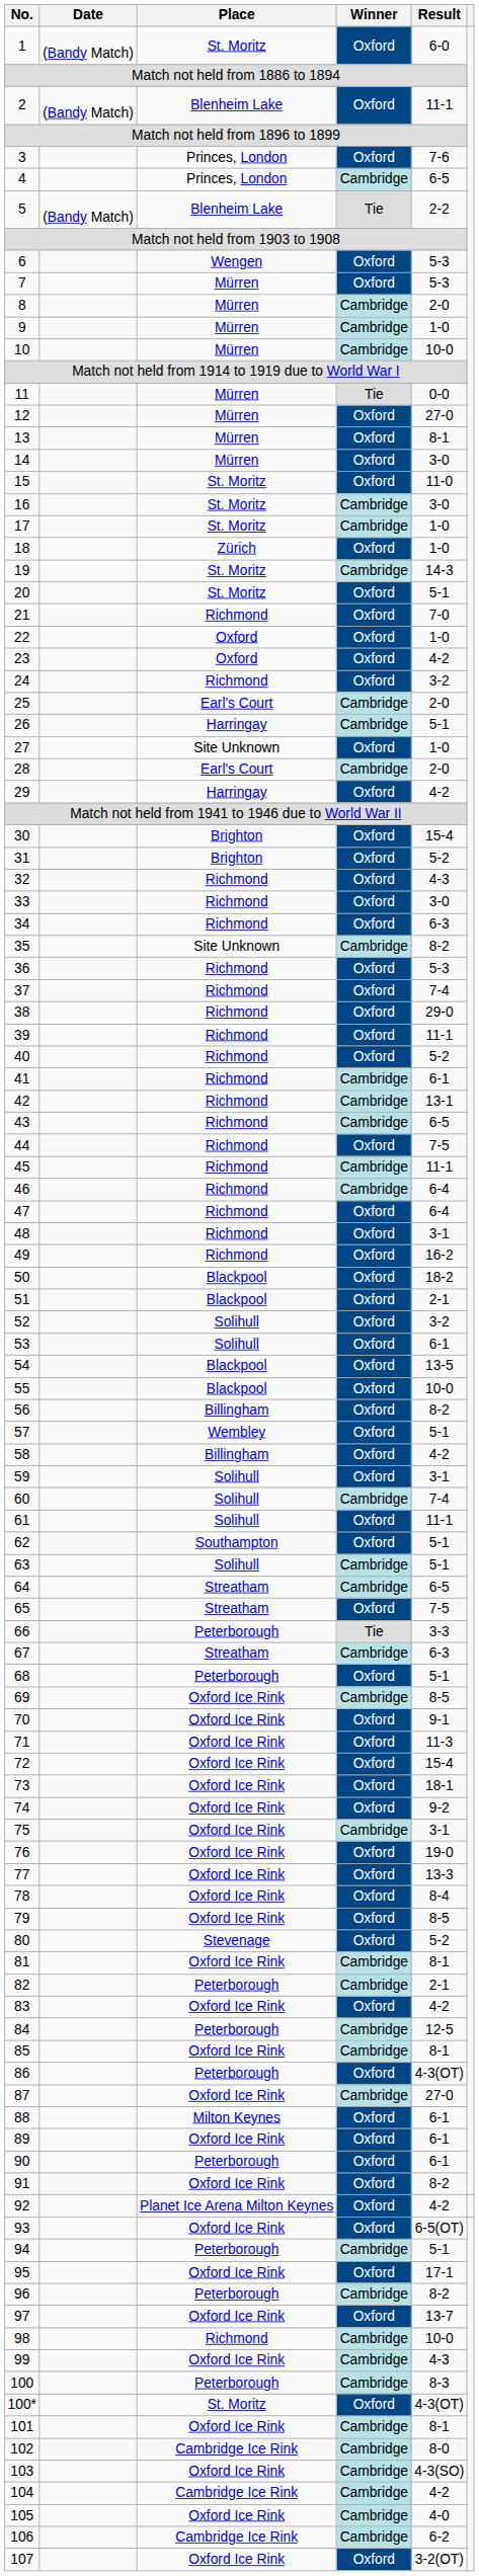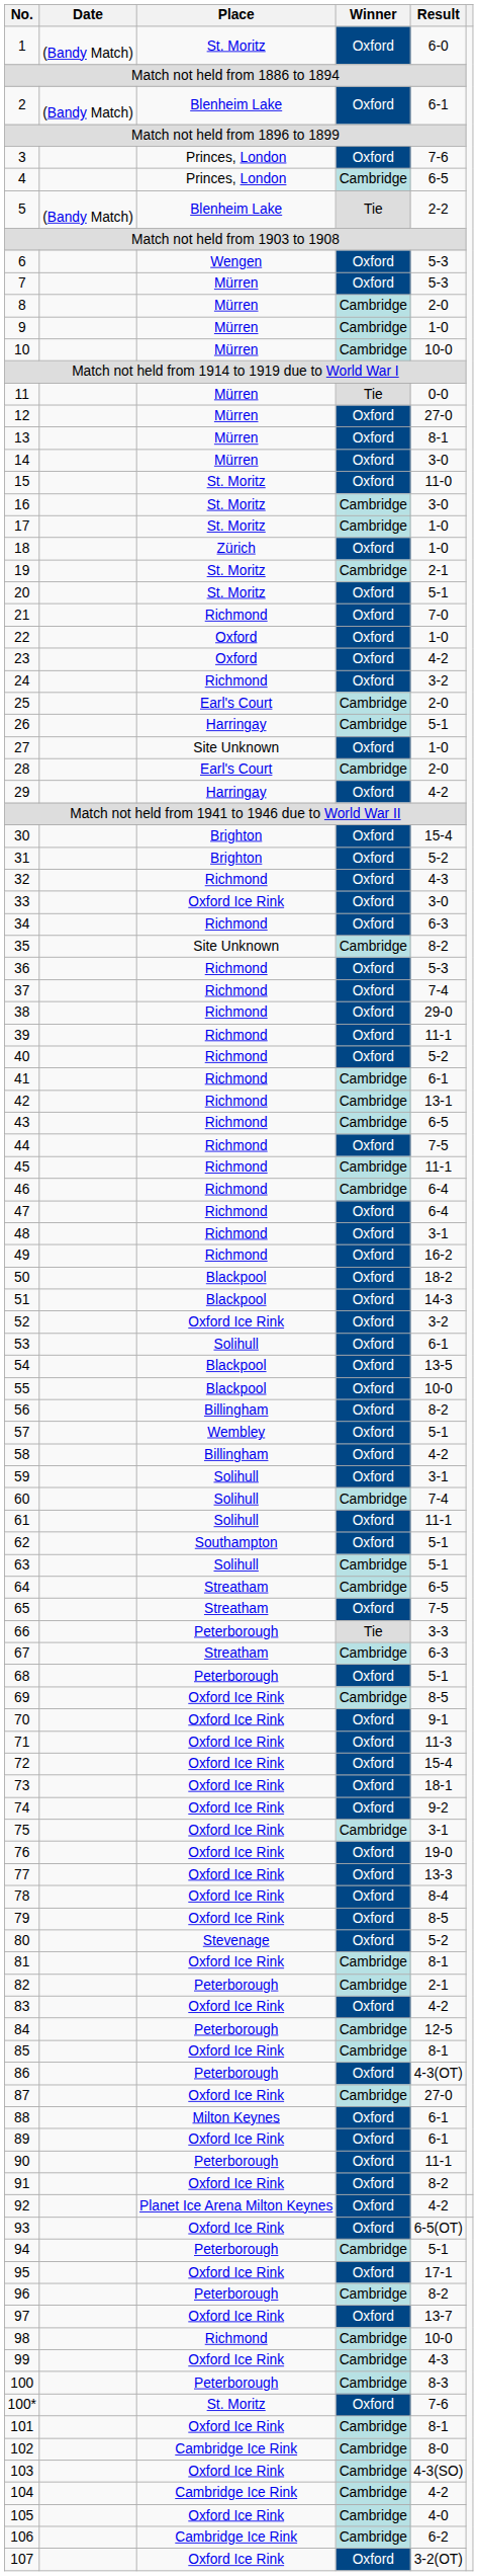 <table class="wikitable sortable" style="text-align:center">
 <tr>
 <th>No.</th>
 <th>Date</th>
 <th>Place</th>
 <th>Winner</th>
 <th>Result</th>
 <th></th>
 </tr>
 <tr>
 <td>1</td>
 <td><br>(<a href='#'>Bandy</a> Match)</td>
 <td><a href='#'>St. Moritz</a></td>
 <td style="background:#004685; color:#FFFFFF">Oxford</td>
 <td>6-0</td>
 <td rowspan="96"></td>
 </tr>
 <tr bgcolor="#dddddd">
 <td data-sort-value="1,5"colspan="5">Match not held from 1886 to 1894</td>
 </tr>
 <tr>
 <td>2</td>
 <td><br>(<a href='#'>Bandy</a> Match)</td>
 <td><a href='#'>Blenheim Lake</a></td>
 <td style="background:#004685; color:#FFFFFF">Oxford</td>
-<td>11-1</td>
+<td>6-1</td>
 </tr>
 <tr bgcolor="#dddddd">
 <td data-sort-value="2.5"colspan="5">Match not held from 1896 to 1899</td>
 </tr>
 <tr>
 <td>3</td>
 <td></td>
 <td>Princes, <a href='#'>London</a></td>
 <td style="background:#004685; color:#FFFFFF">Oxford</td>
 <td>7-6</td>
 </tr>
 <tr>
 <td>4</td>
 <td></td>
 <td>Princes, <a href='#'>London</a></td>
 <td style="background:#B7E1E4; color:#000;">Cambridge</td>
 <td>6-5</td>
 </tr>
 <tr>
 <td>5</td>
 <td><br>(<a href='#'>Bandy</a> Match)</td>
 <td><a href='#'>Blenheim Lake</a></td>
 <td style="background:#dddddd;">Tie</td>
 <td>2-2</td>
 </tr>
 <tr bgcolor="#dddddd">
 <td data-sort-value="5,5"colspan="5">Match not held from 1903 to 1908</td>
 </tr>
 <tr>
 <td>6</td>
 <td></td>
 <td><a href='#'>Wengen</a></td>
 <td style="background:#004685; color:#FFFFFF">Oxford</td>
 <td>5-3</td>
 </tr>
 <tr>
 <td>7</td>
 <td></td>
 <td><a href='#'>Mürren</a></td>
 <td style="background:#004685; color:#FFFFFF">Oxford</td>
 <td>5-3</td>
 </tr>
 <tr>
 <td>8</td>
 <td></td>
 <td><a href='#'>Mürren</a></td>
 <td style="background:#B7E1E4; color:#000;">Cambridge</td>
 <td>2-0</td>
 </tr>
 <tr>
 <td>9</td>
 <td></td>
 <td><a href='#'>Mürren</a></td>
 <td style="background:#B7E1E4; color:#000;">Cambridge</td>
 <td>1-0</td>
 </tr>
 <tr>
 <td>10</td>
 <td></td>
 <td><a href='#'>Mürren</a></td>
 <td style="background:#B7E1E4; color:#000;">Cambridge</td>
 <td>10-0</td>
 </tr>
 <tr bgcolor="#dddddd">
 <td data-sort-value="10,5"colspan="5">Match not held from 1914 to 1919 due to <a href='#'>World War I</a></td>
 </tr>
 <tr>
 <td>11</td>
 <td></td>
 <td><a href='#'>Mürren</a></td>
 <td style="background:#dddddd;">Tie</td>
 <td>0-0</td>
 </tr>
 <tr>
 <td>12</td>
 <td></td>
 <td><a href='#'>Mürren</a></td>
 <td style="background:#004685; color:#FFFFFF">Oxford</td>
 <td>27-0</td>
 </tr>
 <tr>
 <td>13</td>
 <td></td>
 <td><a href='#'>Mürren</a></td>
 <td style="background:#004685; color:#FFFFFF">Oxford</td>
 <td>8-1</td>
 </tr>
 <tr>
 <td>14</td>
 <td></td>
 <td><a href='#'>Mürren</a></td>
 <td style="background:#004685; color:#FFFFFF">Oxford</td>
 <td>3-0</td>
 </tr>
 <tr>
 <td>15</td>
 <td></td>
 <td><a href='#'>St. Moritz</a></td>
 <td style="background:#004685; color:#FFFFFF">Oxford</td>
 <td>11-0</td>
 </tr>
 <tr>
 <td>16</td>
 <td></td>
 <td><a href='#'>St. Moritz</a></td>
 <td style="background:#B7E1E4; color:#000;">Cambridge</td>
 <td>3-0</td>
 </tr>
 <tr>
 <td>17</td>
 <td></td>
 <td><a href='#'>St. Moritz</a></td>
 <td style="background:#B7E1E4; color:#000;">Cambridge</td>
 <td>1-0</td>
 </tr>
 <tr>
 <td>18</td>
 <td></td>
 <td><a href='#'>Zürich</a></td>
 <td style="background:#004685; color:#FFFFFF">Oxford</td>
 <td>1-0</td>
 </tr>
 <tr>
 <td>19</td>
 <td></td>
 <td><a href='#'>St. Moritz</a></td>
 <td style="background:#B7E1E4; color:#000;">Cambridge</td>
-<td>14-3</td>
+<td>2-1</td>
 </tr>
 <tr>
 <td>20</td>
 <td></td>
 <td><a href='#'>St. Moritz</a></td>
 <td style="background:#004685; color:#FFFFFF">Oxford</td>
 <td>5-1</td>
 </tr>
 <tr>
 <td>21</td>
 <td></td>
 <td><a href='#'>Richmond</a></td>
 <td style="background:#004685; color:#FFFFFF">Oxford</td>
 <td>7-0</td>
 </tr>
 <tr>
 <td>22</td>
 <td></td>
 <td><a href='#'>Oxford</a></td>
 <td style="background:#004685; color:#FFFFFF">Oxford</td>
 <td>1-0</td>
 </tr>
 <tr>
 <td>23</td>
 <td></td>
 <td><a href='#'>Oxford</a></td>
 <td style="background:#004685; color:#FFFFFF">Oxford</td>
 <td>4-2</td>
 </tr>
 <tr>
 <td>24</td>
 <td></td>
 <td><a href='#'>Richmond</a></td>
 <td style="background:#004685; color:#FFFFFF">Oxford</td>
 <td>3-2</td>
 </tr>
 <tr>
 <td>25</td>
 <td></td>
 <td><a href='#'>Earl's Court</a></td>
 <td style="background:#B7E1E4; color:#000;">Cambridge</td>
 <td>2-0</td>
 </tr>
 <tr>
 <td>26</td>
 <td></td>
 <td><a href='#'>Harringay</a></td>
 <td style="background:#B7E1E4; color:#000;">Cambridge</td>
 <td>5-1</td>
 </tr>
 <tr>
 <td>27</td>
 <td></td>
 <td>Site Unknown</td>
 <td style="background:#004685; color:#FFFFFF">Oxford</td>
 <td>1-0</td>
 </tr>
 <tr>
 <td>28</td>
 <td></td>
 <td><a href='#'>Earl's Court</a></td>
 <td style="background:#B7E1E4; color:#000;">Cambridge</td>
 <td>2-0</td>
 </tr>
 <tr>
 <td>29</td>
 <td></td>
 <td><a href='#'>Harringay</a></td>
 <td style="background:#004685; color:#FFFFFF">Oxford</td>
 <td>4-2</td>
 </tr>
 <tr bgcolor="#dddddd">
 <td data-sort-value="29,5"colspan="5">Match not held from 1941 to 1946 due to <a href='#'>World War II</a></td>
 </tr>
 <tr>
 <td>30</td>
 <td></td>
 <td><a href='#'>Brighton</a></td>
 <td style="background:#004685; color:#FFFFFF">Oxford</td>
 <td>15-4</td>
 </tr>
 <tr>
 <td>31</td>
 <td></td>
 <td><a href='#'>Brighton</a></td>
 <td style="background:#004685; color:#FFFFFF">Oxford</td>
 <td>5-2</td>
 </tr>
 <tr>
 <td>32</td>
 <td></td>
 <td><a href='#'>Richmond</a></td>
 <td style="background:#004685; color:#FFFFFF">Oxford</td>
 <td>4-3</td>
 </tr>
 <tr>
 <td>33</td>
 <td></td>
-<td><a href='#'>Richmond</a></td>
+<td><a href='#'>Oxford Ice Rink</a></td>
 <td style="background:#004685; color:#FFFFFF">Oxford</td>
 <td>3-0</td>
 </tr>
 <tr>
 <td>34</td>
 <td></td>
 <td><a href='#'>Richmond</a></td>
 <td style="background:#004685; color:#FFFFFF">Oxford</td>
 <td>6-3</td>
 </tr>
 <tr>
 <td>35</td>
 <td></td>
 <td>Site Unknown</td>
 <td style="background:#B7E1E4; color:#000;">Cambridge</td>
 <td>8-2</td>
 </tr>
 <tr>
 <td>36</td>
 <td></td>
 <td><a href='#'>Richmond</a></td>
 <td style="background:#004685; color:#FFFFFF">Oxford</td>
 <td>5-3</td>
 </tr>
 <tr>
 <td>37</td>
 <td></td>
 <td><a href='#'>Richmond</a></td>
 <td style="background:#004685; color:#FFFFFF">Oxford</td>
 <td>7-4</td>
 </tr>
 <tr>
 <td>38</td>
 <td></td>
 <td><a href='#'>Richmond</a></td>
 <td style="background:#004685; color:#FFFFFF">Oxford</td>
 <td>29-0</td>
 </tr>
 <tr>
 <td>39</td>
 <td></td>
 <td><a href='#'>Richmond</a></td>
 <td style="background:#004685; color:#FFFFFF">Oxford</td>
 <td>11-1</td>
 </tr>
 <tr>
 <td>40</td>
 <td></td>
 <td><a href='#'>Richmond</a></td>
 <td style="background:#004685; color:#FFFFFF">Oxford</td>
 <td>5-2</td>
 </tr>
 <tr>
 <td>41</td>
 <td></td>
 <td><a href='#'>Richmond</a></td>
 <td style="background:#B7E1E4; color:#000;">Cambridge</td>
 <td>6-1</td>
 </tr>
 <tr>
 <td>42</td>
 <td></td>
 <td><a href='#'>Richmond</a></td>
 <td style="background:#B7E1E4; color:#000;">Cambridge</td>
 <td>13-1</td>
 </tr>
 <tr>
 <td>43</td>
 <td></td>
 <td><a href='#'>Richmond</a></td>
 <td style="background:#B7E1E4; color:#000;">Cambridge</td>
 <td>6-5</td>
 </tr>
 <tr>
 <td>44</td>
 <td></td>
 <td><a href='#'>Richmond</a></td>
 <td style="background:#004685; color:#FFFFFF">Oxford</td>
 <td>7-5</td>
 </tr>
 <tr>
 <td>45</td>
 <td></td>
 <td><a href='#'>Richmond</a></td>
 <td style="background:#B7E1E4; color:#000;">Cambridge</td>
 <td>11-1</td>
 </tr>
 <tr>
 <td>46</td>
 <td></td>
 <td><a href='#'>Richmond</a></td>
 <td style="background:#B7E1E4; color:#000;">Cambridge</td>
 <td>6-4</td>
 </tr>
 <tr>
 <td>47</td>
 <td></td>
 <td><a href='#'>Richmond</a></td>
 <td style="background:#004685; color:#FFFFFF">Oxford</td>
 <td>6-4</td>
 </tr>
 <tr>
 <td>48</td>
 <td></td>
 <td><a href='#'>Richmond</a></td>
 <td style="background:#004685; color:#FFFFFF">Oxford</td>
 <td>3-1</td>
 </tr>
 <tr>
 <td>49</td>
 <td></td>
 <td><a href='#'>Richmond</a></td>
 <td style="background:#004685; color:#FFFFFF">Oxford</td>
 <td>16-2</td>
 </tr>
 <tr>
 <td>50</td>
 <td></td>
 <td><a href='#'>Blackpool</a></td>
 <td style="background:#004685; color:#FFFFFF">Oxford</td>
 <td>18-2</td>
 </tr>
 <tr>
 <td>51</td>
 <td></td>
 <td><a href='#'>Blackpool</a></td>
 <td style="background:#004685; color:#FFFFFF">Oxford</td>
-<td>2-1</td>
+<td>14-3</td>
 </tr>
 <tr>
 <td>52</td>
 <td></td>
-<td><a href='#'>Solihull</a></td>
+<td><a href='#'>Oxford Ice Rink</a></td>
 <td style="background:#004685; color:#FFFFFF">Oxford</td>
 <td>3-2</td>
 </tr>
 <tr>
 <td>53</td>
 <td></td>
 <td><a href='#'>Solihull</a></td>
 <td style="background:#004685; color:#FFFFFF">Oxford</td>
 <td>6-1</td>
 </tr>
 <tr>
 <td>54</td>
 <td></td>
 <td><a href='#'>Blackpool</a></td>
 <td style="background:#004685; color:#FFFFFF">Oxford</td>
 <td>13-5</td>
 </tr>
 <tr>
 <td>55</td>
 <td></td>
 <td><a href='#'>Blackpool</a></td>
 <td style="background:#004685; color:#FFFFFF">Oxford</td>
 <td>10-0</td>
 </tr>
 <tr>
 <td>56</td>
 <td></td>
 <td><a href='#'>Billingham</a></td>
 <td style="background:#004685; color:#FFFFFF">Oxford</td>
 <td>8-2</td>
 </tr>
 <tr>
 <td>57</td>
 <td></td>
 <td><a href='#'>Wembley</a></td>
 <td style="background:#004685; color:#FFFFFF">Oxford</td>
 <td>5-1</td>
 </tr>
 <tr>
 <td>58</td>
 <td></td>
 <td><a href='#'>Billingham</a></td>
 <td style="background:#004685; color:#FFFFFF">Oxford</td>
 <td>4-2</td>
 </tr>
 <tr>
 <td>59</td>
 <td></td>
 <td><a href='#'>Solihull</a></td>
 <td style="background:#004685; color:#FFFFFF">Oxford</td>
 <td>3-1</td>
 </tr>
 <tr>
 <td>60</td>
 <td></td>
 <td><a href='#'>Solihull</a></td>
 <td style="background:#B7E1E4; color:#000;">Cambridge</td>
 <td>7-4</td>
 </tr>
 <tr>
 <td>61</td>
 <td></td>
 <td><a href='#'>Solihull</a></td>
 <td style="background:#004685; color:#FFFFFF">Oxford</td>
 <td>11-1</td>
 </tr>
 <tr>
 <td>62</td>
 <td></td>
 <td><a href='#'>Southampton</a></td>
 <td style="background:#004685; color:#FFFFFF">Oxford</td>
 <td>5-1</td>
 </tr>
 <tr>
 <td>63</td>
 <td></td>
 <td><a href='#'>Solihull</a></td>
 <td style="background:#B7E1E4; color:#000;">Cambridge</td>
 <td>5-1</td>
 </tr>
 <tr>
 <td>64</td>
 <td></td>
 <td><a href='#'>Streatham</a></td>
 <td style="background:#B7E1E4; color:#000;">Cambridge</td>
 <td>6-5</td>
 </tr>
 <tr>
 <td>65</td>
 <td></td>
 <td><a href='#'>Streatham</a></td>
 <td style="background:#004685; color:#FFFFFF">Oxford</td>
 <td>7-5</td>
 </tr>
 <tr>
 <td>66</td>
 <td></td>
 <td><a href='#'>Peterborough</a></td>
 <td style="background:#dddddd;">Tie</td>
 <td>3-3</td>
 </tr>
 <tr>
 <td>67</td>
 <td></td>
 <td><a href='#'>Streatham</a></td>
 <td style="background:#B7E1E4; color:#000;">Cambridge</td>
 <td>6-3</td>
 </tr>
 <tr>
 <td>68</td>
 <td></td>
 <td><a href='#'>Peterborough</a></td>
 <td style="background:#004685; color:#FFFFFF">Oxford</td>
 <td>5-1</td>
 </tr>
 <tr>
 <td>69</td>
 <td></td>
 <td><a href='#'>Oxford Ice Rink</a></td>
 <td style="background:#B7E1E4; color:#000;">Cambridge</td>
 <td>8-5</td>
 </tr>
 <tr>
 <td>70</td>
 <td></td>
 <td><a href='#'>Oxford Ice Rink</a></td>
 <td style="background:#004685; color:#FFFFFF">Oxford</td>
 <td>9-1</td>
 </tr>
 <tr>
 <td>71</td>
 <td></td>
 <td><a href='#'>Oxford Ice Rink</a></td>
 <td style="background:#004685; color:#FFFFFF">Oxford</td>
 <td>11-3</td>
 </tr>
 <tr>
 <td>72</td>
 <td></td>
 <td><a href='#'>Oxford Ice Rink</a></td>
 <td style="background:#004685; color:#FFFFFF">Oxford</td>
 <td>15-4</td>
 </tr>
 <tr>
 <td>73</td>
 <td></td>
 <td><a href='#'>Oxford Ice Rink</a></td>
 <td style="background:#004685; color:#FFFFFF">Oxford</td>
 <td>18-1</td>
 </tr>
 <tr>
 <td>74</td>
 <td></td>
 <td><a href='#'>Oxford Ice Rink</a></td>
 <td style="background:#004685; color:#FFFFFF">Oxford</td>
 <td>9-2</td>
 </tr>
 <tr>
 <td>75</td>
 <td></td>
 <td><a href='#'>Oxford Ice Rink</a></td>
 <td style="background:#B7E1E4; color:#000;">Cambridge</td>
 <td>3-1</td>
 </tr>
 <tr>
 <td>76</td>
 <td></td>
 <td><a href='#'>Oxford Ice Rink</a></td>
 <td style="background:#004685; color:#FFFFFF">Oxford</td>
 <td>19-0</td>
 </tr>
 <tr>
 <td>77</td>
 <td></td>
 <td><a href='#'>Oxford Ice Rink</a></td>
 <td style="background:#004685; color:#FFFFFF">Oxford</td>
 <td>13-3</td>
 </tr>
 <tr>
 <td>78</td>
 <td></td>
 <td><a href='#'>Oxford Ice Rink</a></td>
 <td style="background:#004685; color:#FFFFFF">Oxford</td>
 <td>8-4</td>
 </tr>
 <tr>
 <td>79</td>
 <td></td>
 <td><a href='#'>Oxford Ice Rink</a></td>
 <td style="background:#004685; color:#FFFFFF">Oxford</td>
 <td>8-5</td>
 </tr>
 <tr>
 <td>80</td>
 <td></td>
 <td><a href='#'>Stevenage</a></td>
 <td style="background:#004685; color:#FFFFFF">Oxford</td>
 <td>5-2</td>
 </tr>
 <tr>
 <td>81</td>
 <td></td>
 <td><a href='#'>Oxford Ice Rink</a></td>
 <td style="background:#B7E1E4; color:#000;">Cambridge</td>
 <td>8-1</td>
 </tr>
 <tr>
 <td>82</td>
 <td></td>
 <td><a href='#'>Peterborough</a></td>
 <td style="background:#B7E1E4; color:#000;">Cambridge</td>
 <td>2-1</td>
 </tr>
 <tr>
 <td>83</td>
 <td></td>
 <td><a href='#'>Oxford Ice Rink</a></td>
 <td style="background:#004685; color:#FFFFFF">Oxford</td>
 <td>4-2</td>
 </tr>
 <tr>
 <td>84</td>
 <td></td>
 <td><a href='#'>Peterborough</a></td>
 <td style="background:#B7E1E4; color:#000;">Cambridge</td>
 <td>12-5</td>
 </tr>
 <tr>
 <td>85</td>
 <td></td>
 <td><a href='#'>Oxford Ice Rink</a></td>
 <td style="background:#B7E1E4; color:#000;">Cambridge</td>
 <td>8-1</td>
 </tr>
 <tr>
 <td>86</td>
 <td></td>
 <td><a href='#'>Peterborough</a></td>
 <td style="background:#004685; color:#FFFFFF">Oxford</td>
 <td>4-3(OT)</td>
 </tr>
 <tr>
 <td>87</td>
 <td></td>
 <td><a href='#'>Oxford Ice Rink</a></td>
 <td style="background:#B7E1E4; color:#000;">Cambridge</td>
 <td>27-0</td>
 </tr>
 <tr>
 <td>88</td>
 <td></td>
 <td><a href='#'>Milton Keynes</a></td>
 <td style="background:#004685; color:#FFFFFF">Oxford</td>
 <td>6-1</td>
 </tr>
 <tr>
 <td>89</td>
 <td></td>
 <td><a href='#'>Oxford Ice Rink</a></td>
 <td style="background:#004685; color:#FFFFFF">Oxford</td>
 <td>6-1</td>
 </tr>
 <tr>
 <td>90</td>
 <td></td>
 <td><a href='#'>Peterborough</a></td>
 <td style="background:#004685; color:#FFFFFF">Oxford</td>
-<td>6-1</td>
+<td>11-1</td>
 </tr>
 <tr>
 <td>91</td>
 <td></td>
 <td><a href='#'>Oxford Ice Rink</a></td>
 <td style="background:#004685; color:#FFFFFF">Oxford</td>
 <td>8-2</td>
 </tr>
 <tr>
 <td>92</td>
 <td></td>
 <td><a href='#'>Planet Ice Arena Milton Keynes</a></td>
 <td style="background:#004685; color:#FFFFFF;">Oxford</td>
 <td>4-2</td>
 <td></td>
 </tr>
 <tr>
 <td>93</td>
 <td></td>
 <td><a href='#'>Oxford Ice Rink</a></td>
 <td style="background:#004685; color:#FFFFFF;">Oxford</td>
 <td>6-5(OT)</td>
 </tr>
 <tr>
 <td>94</td>
 <td></td>
 <td><a href='#'>Peterborough</a></td>
 <td style="background:#B7E1E4; color:#000;">Cambridge</td>
 <td>5-1</td>
 </tr>
 <tr>
 <td>95</td>
 <td></td>
 <td><a href='#'>Oxford Ice Rink</a></td>
 <td style="background:#004685; color:#FFFFFF;">Oxford</td>
 <td>17-1</td>
 </tr>
 <tr>
 <td>96</td>
 <td></td>
 <td><a href='#'>Peterborough</a></td>
 <td style="background:#B7E1E4; color:#000;">Cambridge</td>
 <td>8-2</td>
 </tr>
 <tr>
 <td>97</td>
 <td></td>
 <td><a href='#'>Oxford Ice Rink</a></td>
 <td style="background:#004685; color:#FFFFFF;">Oxford</td>
 <td>13-7</td>
 </tr>
 <tr>
 <td>98</td>
 <td></td>
 <td><a href='#'>Richmond</a></td>
 <td style="background:#B7E1E4; color:#000;">Cambridge</td>
 <td>10-0</td>
 </tr>
 <tr>
 <td>99</td>
 <td></td>
 <td><a href='#'>Oxford Ice Rink</a></td>
 <td style="background:#B7E1E4; color:#000;">Cambridge</td>
 <td>4-3</td>
 </tr>
 <tr>
 <td>100</td>
 <td></td>
 <td><a href='#'>Peterborough</a></td>
 <td style="background:#B7E1E4; color:#000;">Cambridge</td>
 <td>8-3</td>
 </tr>
 <tr>
 <td>100*</td>
 <td></td>
 <td><a href='#'>St. Moritz</a></td>
 <td style="background:#004685; color:#FFFFFF;">Oxford</td>
-<td>4-3(OT)</td>
+<td>7-6</td>
 </tr>
 <tr>
 <td>101</td>
 <td></td>
 <td><a href='#'>Oxford Ice Rink</a></td>
 <td style="background:#B7E1E4; color:#000;">Cambridge</td>
 <td>8-1</td>
 </tr>
 <tr>
 <td>102</td>
 <td></td>
 <td><a href='#'>Cambridge Ice Rink</a></td>
 <td style="background:#B7E1E4; color:#000;">Cambridge</td>
 <td>8-0</td>
 </tr>
 <tr>
 <td>103</td>
 <td></td>
 <td><a href='#'>Oxford Ice Rink</a></td>
 <td style="background:#B7E1E4; color:#000;">Cambridge</td>
 <td>4-3(SO)</td>
 </tr>
 <tr>
 <td>104</td>
 <td></td>
 <td><a href='#'>Cambridge Ice Rink</a></td>
 <td style="background:#B7E1E4; color:#000;">Cambridge</td>
 <td>4-2</td>
 </tr>
 <tr>
 <td>105</td>
 <td></td>
 <td><a href='#'>Oxford Ice Rink</a></td>
 <td style="background:#B7E1E4; color:#000;">Cambridge</td>
 <td>4-0</td>
 </tr>
 <tr>
 <td>106</td>
 <td></td>
 <td><a href='#'>Cambridge Ice Rink</a></td>
 <td style="background:#B7E1E4; color:#000;">Cambridge</td>
 <td>6-2</td>
 </tr>
 <tr>
 <td>107</td>
 <td></td>
 <td><a href='#'>Oxford Ice Rink</a></td>
 <td style="background:#004685; color:#FFFFFF;">Oxford</td>
 <td>3-2(OT)</td>
 </tr>
 </table>
